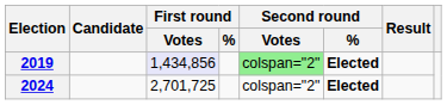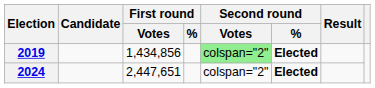 <table class="wikitable" style="text-align:center">
 <tr>
 <th rowspan="2">Election</th>
 <th rowspan="2">Candidate</th>
 <th colspan="2" scope="col">First round</th>
 <th colspan="2">Second round</th>
 <th rowspan="2">Result</th>
 <th rowspan="2"></th>
 </tr>
 <tr>
 <th>Votes</th>
 <th>%</th>
 <th>Votes</th>
 <th>%</th>
 </tr>
 <tr>
 <th><a href='#'>2019</a></th>
 <td></td>
-<td style="background: lavender;">1,434,856</td>
+<td>1,434,856</td>
 <td></td>
 <td style="background: lightgreen;">colspan="2" </td>
 <td><strong>Elected</strong> </td>
 <td></td>
 </tr>
 <tr>
 <th><a href='#'>2024</a></th>
 <td></td>
-<td>2,701,725</td>
+<td>2,447,651</td>
 <td></td>
 <td>colspan="2" </td>
 <td><strong>Elected</strong> </td>
 <td></td>
 </tr>
 </table>
